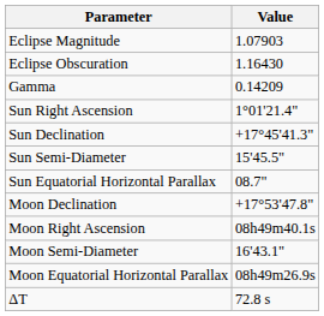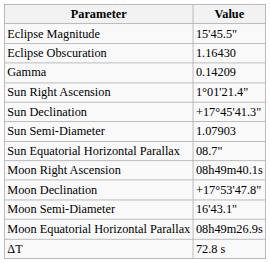 <table class="wikitable">
 <tr>
 <th>Parameter</th>
 <th>Value</th>
 </tr>
 <tr>
 <td>Eclipse Magnitude</td>
-<td>1.07903</td>
+<td>15'45.5"</td>
 </tr>
 <tr>
 <td>Eclipse Obscuration</td>
 <td>1.16430</td>
 </tr>
 <tr>
 <td>Gamma</td>
 <td>0.14209</td>
 </tr>
 <tr>
 <td>Sun Right Ascension</td>
 <td>1°01'21.4"</td>
 </tr>
 <tr>
 <td>Sun Declination</td>
 <td>+17°45'41.3"</td>
 </tr>
 <tr>
 <td>Sun Semi-Diameter</td>
-<td>15'45.5"</td>
+<td>1.07903</td>
 </tr>
 <tr>
 <td>Sun Equatorial Horizontal Parallax</td>
 <td>08.7"</td>
 </tr>
 <tr>
+<td>Moon Right Ascension</td>
+<td>08h49m40.1s</td>
+</tr>
+<tr>
 <td>Moon Declination</td>
 <td>+17°53'47.8"</td>
-</tr>
-<tr>
-<td>Moon Right Ascension</td>
-<td>08h49m40.1s</td>
 </tr>
 <tr>
 <td>Moon Semi-Diameter</td>
 <td>16'43.1"</td>
 </tr>
 <tr>
 <td>Moon Equatorial Horizontal Parallax</td>
 <td>08h49m26.9s</td>
 </tr>
 <tr>
 <td>ΔT</td>
 <td>72.8 s</td>
 </tr>
 </table>
